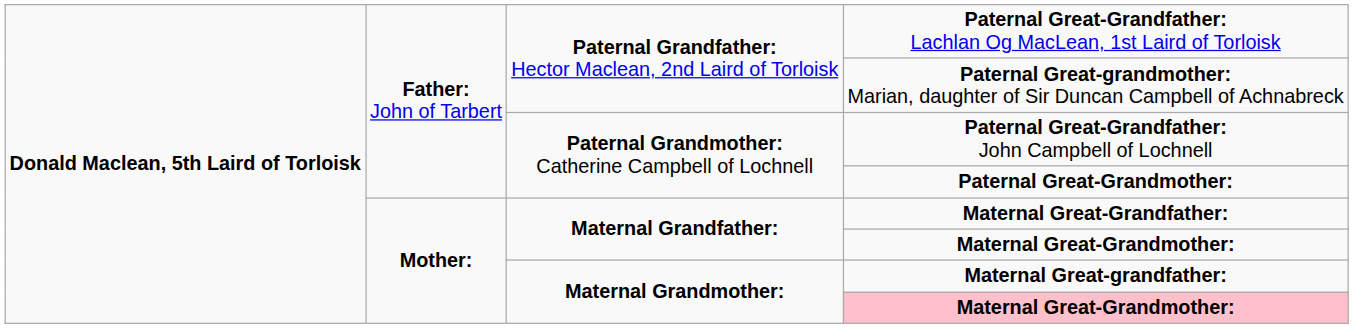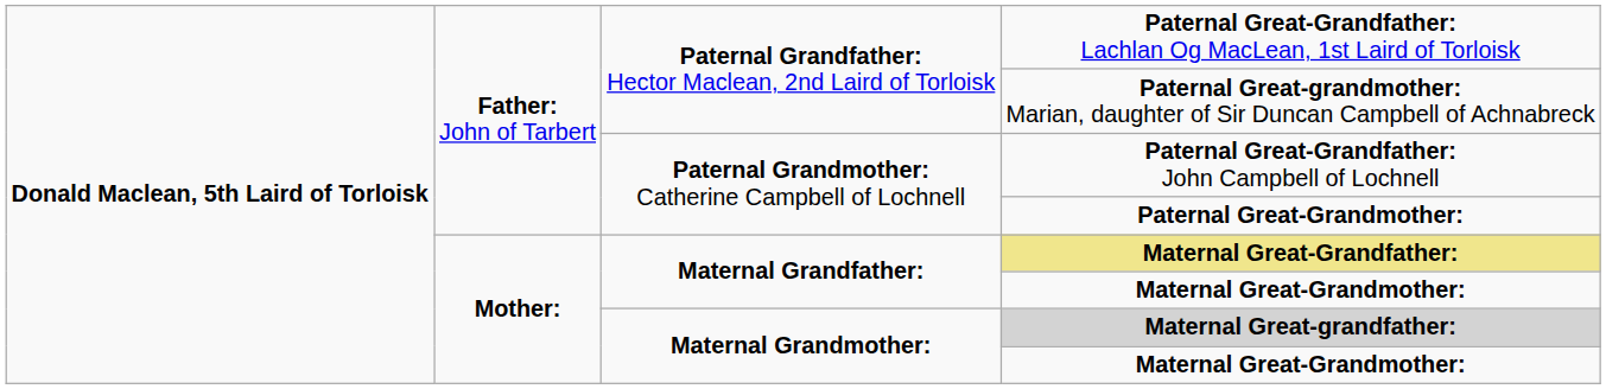 <table class="wikitable" style="margin:0.3em auto">
 <tr>
 <td rowspan="8" align="center"><strong>Donald Maclean, 5th Laird of Torloisk</strong></td>
 <td rowspan="4" align="center"><strong>Father:</strong><br><a href='#'>John of Tarbert</a></td>
 <td rowspan="2" align="center"><strong>Paternal Grandfather:</strong><br><a href='#'>Hector Maclean, 2nd Laird of Torloisk</a></td>
 <td align="center"><strong>Paternal Great-Grandfather:</strong><br><a href='#'>Lachlan Og MacLean, 1st Laird of Torloisk</a></td>
 </tr>
 <tr>
 <td align="center"><strong>Paternal Great-grandmother:</strong><br>Marian, daughter of Sir Duncan Campbell of Achnabreck</td>
 </tr>
 <tr>
 <td rowspan="2" align="center"><strong>Paternal Grandmother:</strong><br>Catherine Campbell of Lochnell</td>
 <td align="center"><strong>Paternal Great-Grandfather:</strong><br>John Campbell of Lochnell</td>
 </tr>
 <tr>
 <td align="center"><strong>Paternal Great-Grandmother:</strong><br></td>
 </tr>
 <tr>
 <td rowspan="4" align="center"><strong>Mother:</strong><br></td>
 <td rowspan="2" align="center"><strong>Maternal Grandfather:</strong><br></td>
-<td align="center"><strong>Maternal Great-Grandfather:</strong><br></td>
+<td align="center" style="background: khaki;"><strong>Maternal Great-Grandfather:</strong><br></td>
 </tr>
 <tr>
 <td align="center"><strong>Maternal Great-Grandmother:</strong><br></td>
 </tr>
 <tr>
 <td rowspan="2" align="center"><strong>Maternal Grandmother:</strong><br></td>
-<td align="center"><strong>Maternal Great-grandfather:</strong><br></td>
+<td align="center" style="background: lightgrey;"><strong>Maternal Great-grandfather:</strong><br></td>
 </tr>
 <tr>
-<td align="center" style="background: pink;"><strong>Maternal Great-Grandmother:</strong><br></td>
+<td align="center"><strong>Maternal Great-Grandmother:</strong><br></td>
 </tr>
 </table>
